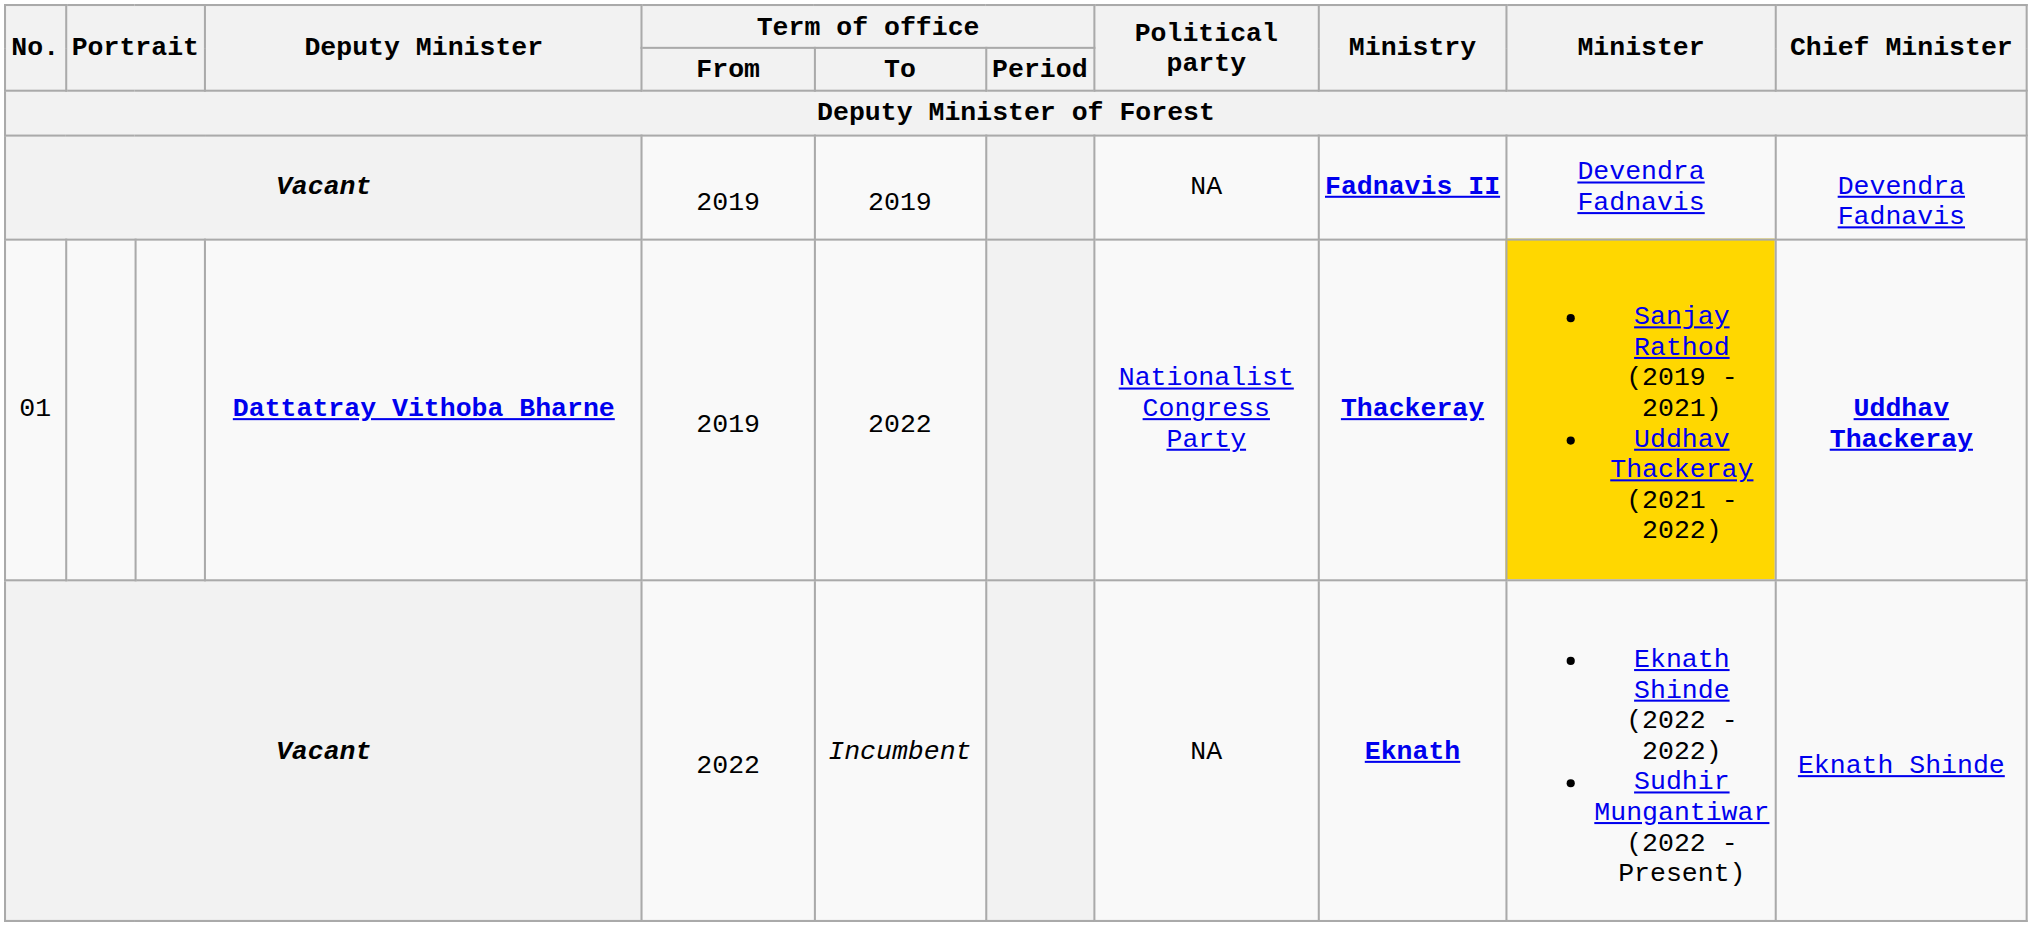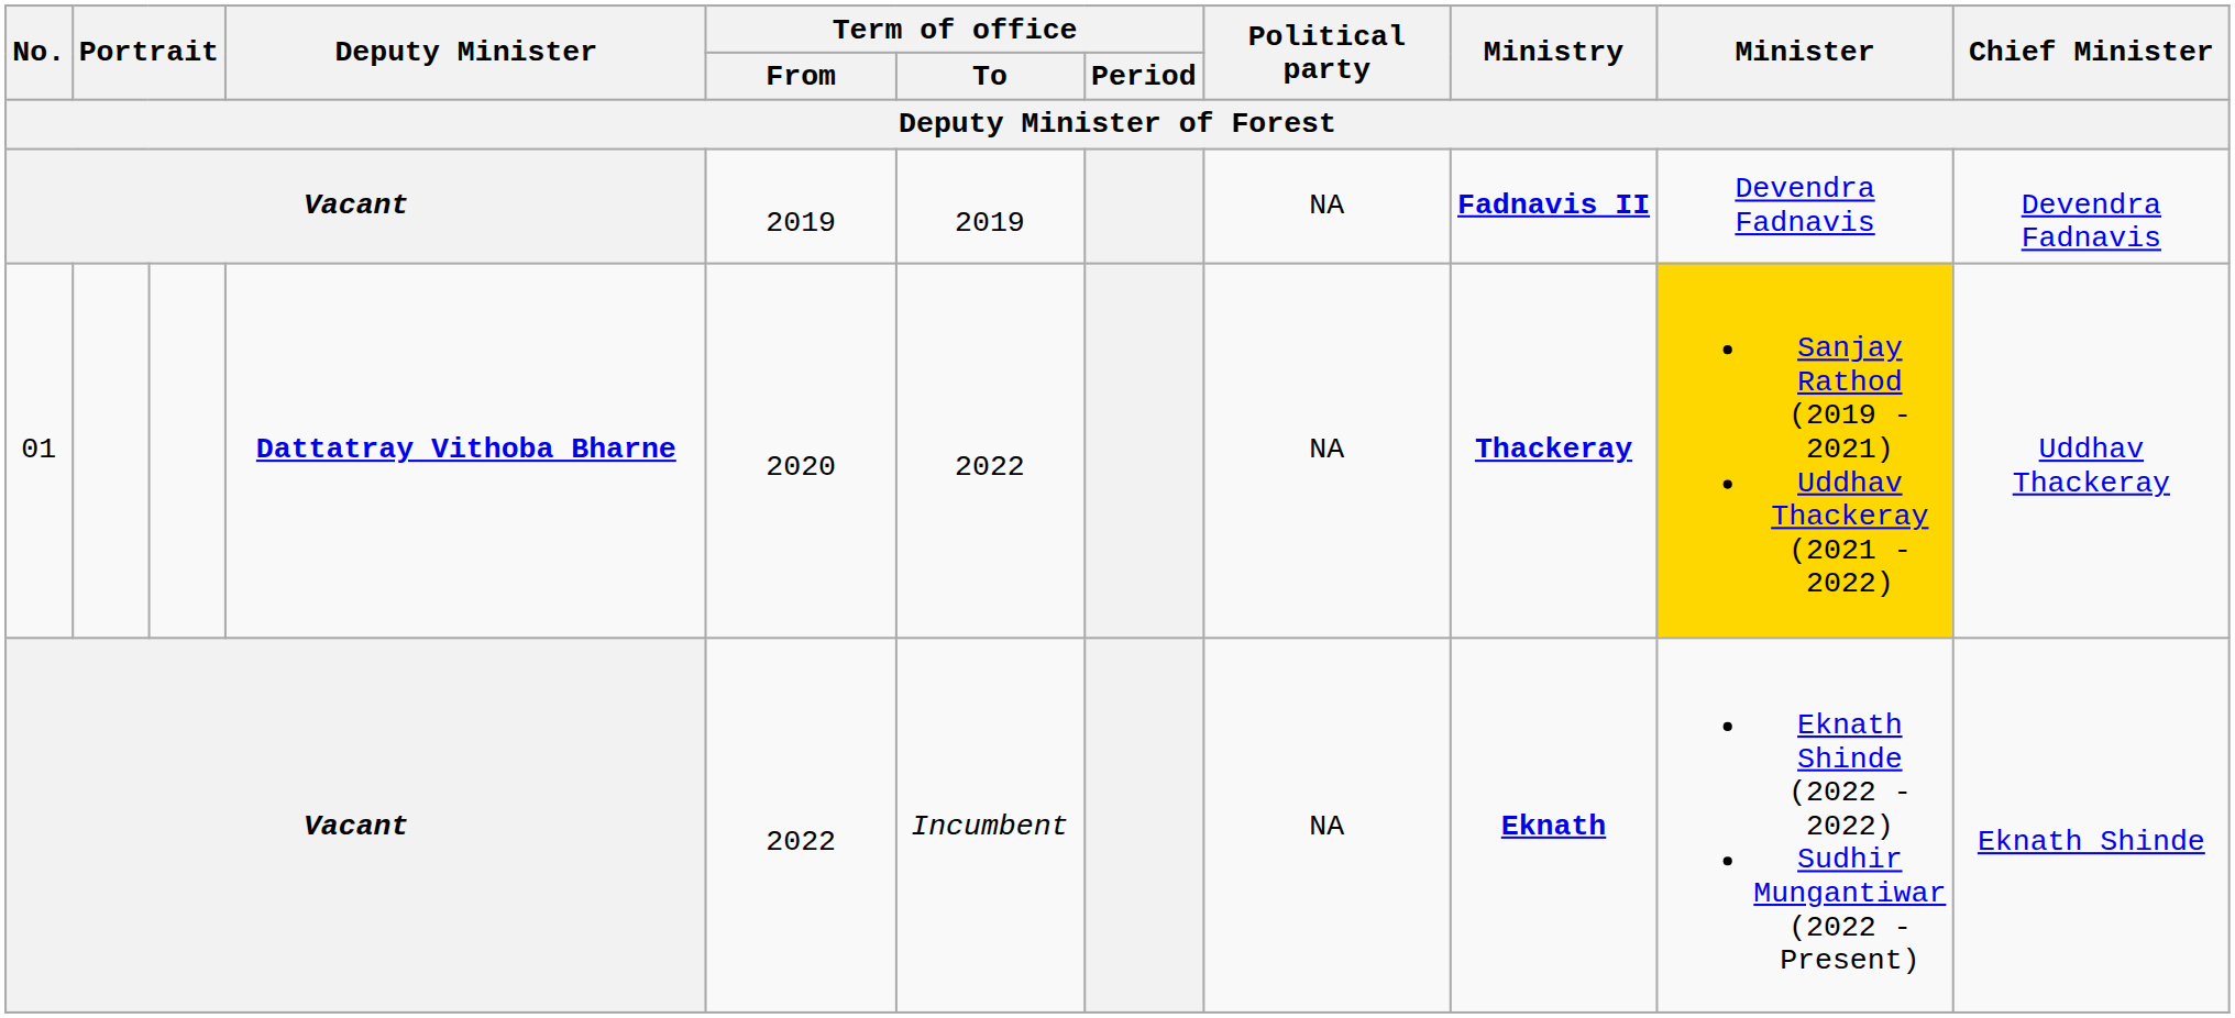 <table class="wikitable" style="text-align:center">
 <tr>
 <th rowspan="2">No.</th>
 <th rowspan="2" colspan="2">Portrait</th>
 <th rowspan="2" style="width:16em">Deputy Minister<br></th>
 <th colspan="3">Term of office</th>
 <th rowspan="2" style="width:8em">Political party</th>
 <th rowspan="2">Ministry</th>
 <th rowspan="2" style="width:9em">Minister</th>
 <th rowspan="2" style="width:9em">Chief Minister</th>
 </tr>
 <tr>
 <th style="width:6em">From</th>
 <th style="width:6em">To</th>
 <th>Period</th>
 </tr>
 <tr>
 <th colspan="11">Deputy Minister of Forest</th>
 </tr>
 <tr>
 <th colspan="04"><strong><em>Vacant</em></strong></th>
 <td><br>2019</td>
 <td><br>2019</td>
 <th></th>
 <td>NA</td>
 <td rowspan="1"><a href='#'><strong>Fadnavis II</strong></a></td>
 <td><a href='#'>Devendra Fadnavis</a></td>
 <td rowspan="1"> <br><a href='#'>Devendra Fadnavis</a></td>
 </tr>
 <tr>
 <td>01</td>
 <td style="color:inherit;background:"></td>
 <td></td>
 <td><strong><a href='#'>Dattatray Vithoba Bharne</a></strong> <br> </td>
-<td><br>2019</td>
+<td><br>2020</td>
 <td><br>2022</td>
 <th></th>
-<td><a href='#'>Nationalist Congress Party</a></td>
+<td>NA</td>
 <td rowspan="1"><a href='#'><strong>Thackeray</strong></a></td>
 <td style="background: gold;"><br><ul><li><a href='#'>Sanjay Rathod</a><br>(2019 - 2021)</li><li><a href='#'>Uddhav Thackeray</a> <br>(2021 - 2022)</li></ul></td>
-<td rowspan="1"><strong> <br><a href='#'>Uddhav Thackeray</a></strong></td>
+<td rowspan="1"> <br><a href='#'>Uddhav Thackeray</a></td>
 </tr>
 <tr>
 <th colspan="04"><strong><em>Vacant </em></strong></th>
 <td><br>2022</td>
 <td><em>Incumbent</em></td>
 <th></th>
 <td>NA</td>
 <td rowspan="2"><a href='#'><strong>Eknath</strong></a></td>
 <td><br><ul><li><a href='#'>Eknath Shinde</a><br>(2022 - 2022)</li><li><a href='#'>Sudhir Mungantiwar</a><br> (2022 - Present)</li></ul></td>
 <td rowspan="2"> <br><a href='#'>Eknath Shinde</a></td>
 </tr>
 <tr>
 </tr>
 </table>
